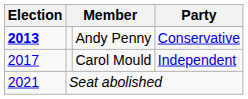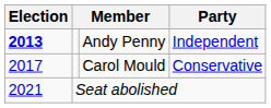 <table class="wikitable">
 <tr>
 <th>Election</th>
 <th colspan="2">Member</th>
 <th>Party</th>
 </tr>
 <tr>
 <td><strong><a href='#'>2013</a></strong></td>
 <td rowspan="1" style="background-color: "></td>
 <td rowspan="1">Andy Penny</td>
-<td rowspan="1"><a href='#'>Conservative</a></td>
+<td rowspan="1"><a href='#'>Independent</a></td>
 </tr>
 <tr>
 <td><a href='#'>2017</a></td>
 <td rowspan="1" style="background-color: "></td>
 <td rowspan="1">Carol Mould</td>
-<td rowspan="1"><a href='#'>Independent</a></td>
+<td rowspan="1"><a href='#'>Conservative</a></td>
 </tr>
 <tr>
 <td><a href='#'>2021</a></td>
 <td colspan="3"><em>Seat abolished</em></td>
 </tr>
 </table>
